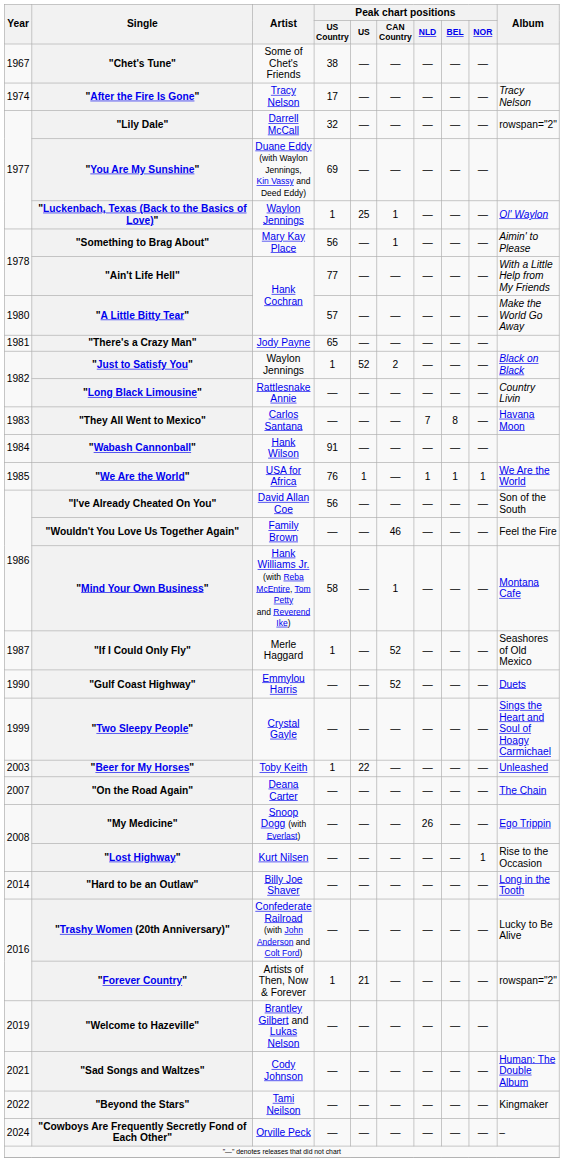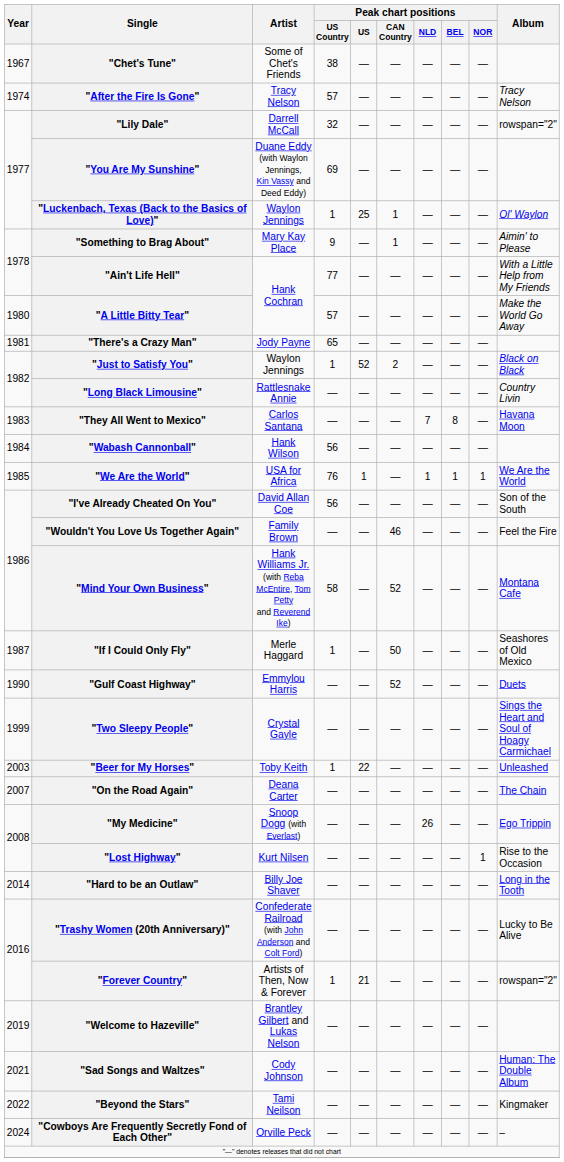 <table class="wikitable plainrowheaders" style="text-align:center;">
 <tr>
 <th rowspan="2">Year</th>
 <th rowspan="2" style="width:26em;">Single</th>
 <th rowspan="2">Artist</th>
 <th colspan="6">Peak chart positions</th>
 <th rowspan="2">Album</th>
 </tr>
 <tr style="font-size:smaller;">
 <th width="40">US Country<br></th>
 <th width="40">US<br></th>
 <th width="40">CAN Country</th>
 <th width="40"><a href='#'>NLD</a></th>
 <th width="40"><a href='#'>BEL</a></th>
 <th width="40"><a href='#'>NOR</a></th>
 </tr>
 <tr>
 <td>1967</td>
 <th scope="row">"Chet's Tune"</th>
 <td>Some of Chet's Friends</td>
 <td>38</td>
 <td>—</td>
 <td>—</td>
 <td>—</td>
 <td>—</td>
 <td>—</td>
 <td></td>
 </tr>
 <tr>
 <td>1974</td>
 <th scope="row">"<a href='#'>After the Fire Is Gone</a>"</th>
 <td><a href='#'>Tracy Nelson</a></td>
-<td>17</td>
+<td>57</td>
 <td>—</td>
 <td>—</td>
 <td>—</td>
 <td>—</td>
 <td>—</td>
 <td align="left"><em>Tracy Nelson</em></td>
 </tr>
 <tr>
 <td rowspan="3">1977</td>
 <th scope="row">"Lily Dale"</th>
 <td><a href='#'>Darrell McCall</a></td>
 <td>32</td>
 <td>—</td>
 <td>—</td>
 <td>—</td>
 <td>—</td>
 <td>—</td>
 <td>rowspan="2" </td>
 </tr>
 <tr>
 <th scope="row">"<a href='#'>You Are My Sunshine</a>"</th>
 <td><a href='#'>Duane Eddy</a> <small>(with Waylon Jennings,<br> <a href='#'>Kin Vassy</a> and Deed Eddy)</small></td>
 <td>69</td>
 <td>—</td>
 <td>—</td>
 <td>—</td>
 <td>—</td>
 <td>—</td>
 </tr>
 <tr>
 <th scope="row">"<a href='#'>Luckenbach, Texas (Back to the Basics of Love)</a>"</th>
 <td><a href='#'>Waylon Jennings</a></td>
 <td>1</td>
 <td>25</td>
 <td>1</td>
 <td>—</td>
 <td>—</td>
 <td>—</td>
 <td align="left"><em><a href='#'>Ol' Waylon</a></em></td>
 </tr>
 <tr>
 <td rowspan="2">1978</td>
 <th scope="row">"Something to Brag About"</th>
 <td><a href='#'>Mary Kay Place</a></td>
-<td>56</td>
+<td>9</td>
 <td>—</td>
 <td>1</td>
 <td>—</td>
 <td>—</td>
 <td>—</td>
 <td align="left"><em>Aimin' to Please</em></td>
 </tr>
 <tr>
 <th scope="row">"Ain't Life Hell"</th>
 <td rowspan="2"><a href='#'>Hank Cochran</a></td>
 <td>77</td>
 <td>—</td>
 <td>—</td>
 <td>—</td>
 <td>—</td>
 <td>—</td>
 <td align="left"><em>With a Little Help from My Friends</em></td>
 </tr>
 <tr>
 <td>1980</td>
 <th scope="row">"<a href='#'>A Little Bitty Tear</a>"</th>
 <td>57</td>
 <td>—</td>
 <td>—</td>
 <td>—</td>
 <td>—</td>
 <td>—</td>
 <td align="left"><em>Make the World Go Away</em></td>
 </tr>
 <tr>
 <td>1981</td>
 <th scope="row">"There's a Crazy Man"</th>
 <td><a href='#'>Jody Payne</a></td>
 <td>65</td>
 <td>—</td>
 <td>—</td>
 <td>—</td>
 <td>—</td>
 <td>—</td>
 <td></td>
 </tr>
 <tr>
 <td rowspan="2">1982</td>
 <th scope="row">"<a href='#'>Just to Satisfy You</a>"</th>
 <td>Waylon Jennings</td>
 <td>1</td>
 <td>52</td>
 <td>2</td>
 <td>—</td>
 <td>—</td>
 <td>—</td>
 <td align="left"><em><a href='#'>Black on Black</a></em></td>
 </tr>
 <tr>
 <th scope="row">"<a href='#'>Long Black Limousine</a>"</th>
 <td><a href='#'>Rattlesnake Annie</a></td>
 <td>—</td>
 <td>—</td>
 <td>—</td>
 <td>—</td>
 <td>—</td>
 <td>—</td>
 <td align="left"><em>Country Livin<strong></td>
 </tr>
 <tr>
 <td>1983</td>
 <th scope="row">"They All Went to Mexico"</th>
 <td><a href='#'>Carlos Santana</a></td>
 <td>—</td>
 <td>—</td>
 <td>—</td>
 <td>7</td>
 <td>8</td>
 <td>—</td>
 <td align="left"></em><a href='#'>Havana Moon</a><em></td>
 </tr>
 <tr>
 <td>1984</td>
 <th scope="row">"<a href='#'>Wabash Cannonball</a>"</th>
 <td><a href='#'>Hank Wilson</a></td>
-<td>91</td>
+<td>56</td>
 <td>—</td>
 <td>—</td>
 <td>—</td>
 <td>—</td>
 <td>—</td>
 <td></td>
 </tr>
 <tr>
 <td>1985</td>
 <th scope="row">"<a href='#'>We Are the World</a>"</th>
 <td><a href='#'>USA for Africa</a></td>
 <td>76</td>
 <td>1</td>
 <td>—</td>
 <td>1</td>
 <td>1</td>
 <td>1</td>
 <td align="left"></em><a href='#'>We Are the World</a><em></td>
 </tr>
 <tr>
 <td rowspan="3">1986</td>
 <th scope="row">"I've Already Cheated On You"</th>
 <td><a href='#'>David Allan Coe</a></td>
 <td>56</td>
 <td>—</td>
 <td>—</td>
 <td>—</td>
 <td>—</td>
 <td>—</td>
 <td align="left"></em>Son of the South<em></td>
 </tr>
 <tr>
 <th scope="row">"Wouldn't You Love Us Together Again"</th>
 <td><a href='#'>Family Brown</a></td>
 <td>—</td>
 <td>—</td>
 <td>46</td>
 <td>—</td>
 <td>—</td>
 <td>—</td>
 <td align="left"></em>Feel the Fire<em></td>
 </tr>
 <tr>
 <th scope="row">"<a href='#'>Mind Your Own Business</a>"</th>
 <td><a href='#'>Hank Williams Jr.</a><br><small>(with <a href='#'>Reba McEntire</a>, <a href='#'>Tom Petty</a><br>and <a href='#'>Reverend Ike</a>)</small></td>
 <td>58</td>
 <td>—</td>
-<td>1</td>
+<td>52</td>
 <td>—</td>
 <td>—</td>
 <td>—</td>
 <td align="left"></em><a href='#'>Montana Cafe</a><em></td>
 </tr>
 <tr>
 <td>1987</td>
 <th scope="row">"If I Could Only Fly"</th>
 <td>Merle Haggard</td>
 <td>1</td>
 <td>—</td>
-<td>52</td>
+<td>50</td>
 <td>—</td>
 <td>—</td>
 <td>—</td>
 <td align="left"></em>Seashores of Old Mexico<em></td>
 </tr>
 <tr>
 <td>1990</td>
 <th scope="row">"Gulf Coast Highway"</th>
 <td><a href='#'>Emmylou Harris</a></td>
 <td>—</td>
 <td>—</td>
 <td>52</td>
 <td>—</td>
 <td>—</td>
 <td>—</td>
 <td align="left"></em><a href='#'>Duets</a><em></td>
 </tr>
 <tr>
 <td>1999</td>
 <th scope="row">"<a href='#'>Two Sleepy People</a>"</th>
 <td><a href='#'>Crystal Gayle</a></td>
 <td>—</td>
 <td>—</td>
 <td>—</td>
 <td>—</td>
 <td>—</td>
 <td>—</td>
 <td align="left"></em><a href='#'>Sings the Heart and<br>Soul of Hoagy Carmichael</a><em></td>
 </tr>
 <tr>
 <td>2003</td>
 <th scope="row">"<a href='#'>Beer for My Horses</a>"</th>
 <td><a href='#'>Toby Keith</a></td>
 <td>1</td>
 <td>22</td>
 <td>—</td>
 <td>—</td>
 <td>—</td>
 <td>—</td>
 <td align="left"></em><a href='#'>Unleashed</a><em></td>
 </tr>
 <tr>
 <td>2007</td>
 <th scope="row">"On the Road Again"</th>
 <td><a href='#'>Deana Carter</a></td>
 <td>—</td>
 <td>—</td>
 <td>—</td>
 <td>—</td>
 <td>—</td>
 <td>—</td>
 <td align="left"></em><a href='#'>The Chain</a><em></td>
 </tr>
 <tr>
 <td rowspan="2">2008</td>
 <th scope="row">"My Medicine"</th>
 <td><a href='#'>Snoop Dogg</a> <small>(with <a href='#'>Everlast</a>)</small></td>
 <td>—</td>
 <td>—</td>
 <td>—</td>
 <td>26</td>
 <td>—</td>
 <td>—</td>
 <td align="left"></em><a href='#'>Ego Trippin</a><em></td>
 </tr>
 <tr>
 <th scope="row">"<a href='#'>Lost Highway</a>"</th>
 <td><a href='#'>Kurt Nilsen</a></td>
 <td>—</td>
 <td>—</td>
 <td>—</td>
 <td>—</td>
 <td>—</td>
 <td>1</td>
 <td align="left"></em>Rise to the Occasion<em></td>
 </tr>
 <tr>
 <td>2014</td>
 <th scope="row">"Hard to be an Outlaw"</th>
 <td><a href='#'>Billy Joe Shaver</a></td>
 <td>—</td>
 <td>—</td>
 <td>—</td>
 <td>—</td>
 <td>—</td>
 <td>—</td>
 <td align="left"></em><a href='#'>Long in the Tooth</a><em></td>
 </tr>
 <tr>
 <td rowspan=2>2016</td>
 <th scope="row">"<a href='#'>Trashy Women</a> (20th Anniversary)"</th>
 <td><a href='#'>Confederate Railroad</a><br><small>(with <a href='#'>John Anderson</a> and <a href='#'>Colt Ford</a>)</small></td>
 <td>—</td>
 <td>—</td>
 <td>—</td>
 <td>—</td>
 <td>—</td>
 <td>—</td>
 <td align="left"></em>Lucky to Be Alive<em></td>
 </tr>
 <tr>
 <th scope="row">"<a href='#'>Forever Country</a>"</th>
 <td>Artists of Then, Now & Forever</td>
 <td>1<br></td>
 <td>21<br></td>
 <td>—</td>
 <td>—</td>
 <td>—</td>
 <td>—</td>
 <td>rowspan="2" </td>
 </tr>
 <tr>
 <td>2019</td>
 <th scope="row">"Welcome to Hazeville"</th>
 <td><a href='#'>Brantley Gilbert</a> and <a href='#'>Lukas Nelson</a></td>
 <td>—</td>
 <td>—</td>
 <td>—</td>
 <td>—</td>
 <td>—</td>
 <td>—</td>
 </tr>
 <tr>
 <td>2021</td>
 <th scope="row">"Sad Songs and Waltzes"</th>
 <td><a href='#'>Cody Johnson</a></td>
 <td>—</td>
 <td>—</td>
 <td>—</td>
 <td>—</td>
 <td>—</td>
 <td>—</td>
 <td align="left"></em><a href='#'>Human: The Double Album</a><em></td>
 </tr>
 <tr>
 <td>2022</td>
 <th scope="row">"Beyond the Stars"</th>
 <td><a href='#'>Tami Neilson</a></td>
 <td>—</td>
 <td>—</td>
 <td>—</td>
 <td>—</td>
 <td>—</td>
 <td>—</td>
 <td align="left"></em>Kingmaker<em></td>
 </tr>
 <tr>
 <td>2024</td>
 <th scope="row">"Cowboys Are Frequently Secretly Fond of Each Other"</th>
 <td><a href='#'>Orville Peck</a></td>
 <td>—</td>
 <td>—</td>
 <td>—</td>
 <td>—</td>
 <td>—</td>
 <td>—</td>
 <td align="left">–</td>
 </tr>
 <tr>
 <td colspan="10" style="font-size:8pt">"—" denotes releases that did not chart</td>
 </tr>
 <tr>
 </tr>
 </table>
